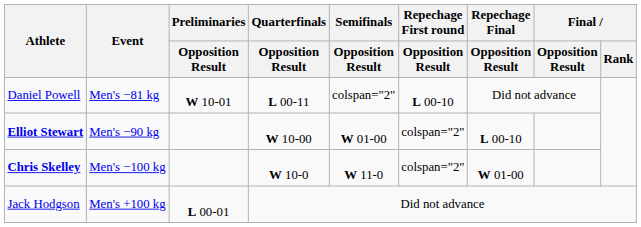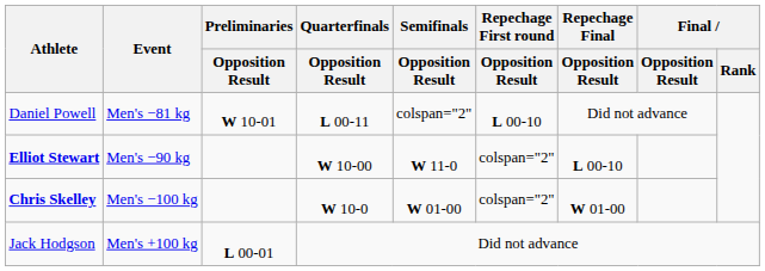 <table class="wikitable" style="font-size:90%">
 <tr>
 <th rowspan="2">Athlete</th>
 <th rowspan="2">Event</th>
 <th>Preliminaries</th>
 <th>Quarterfinals</th>
 <th>Semifinals</th>
 <th>Repechage<br>First round</th>
 <th>Repechage<br>Final</th>
 <th colspan="2">Final / </th>
 </tr>
 <tr>
 <th>Opposition<br>Result</th>
 <th>Opposition<br>Result</th>
 <th>Opposition<br>Result</th>
 <th>Opposition<br>Result</th>
 <th>Opposition<br>Result</th>
 <th>Opposition<br>Result</th>
 <th>Rank</th>
 </tr>
 <tr align=center>
 <td align=left><a href='#'>Daniel Powell</a></td>
 <td align=left><a href='#'>Men's −81 kg</a></td>
 <td><br> <strong>W</strong> 10-01</td>
 <td><br> <strong>L</strong> 00-11</td>
 <td>colspan="2" </td>
 <td><br> <strong>L</strong> 00-10</td>
 <td colspan=2>Did not advance</td>
 </tr>
 <tr align=center>
 <td align=left><strong><a href='#'>Elliot Stewart</a></strong></td>
 <td align=left><a href='#'>Men's −90 kg</a></td>
 <td></td>
 <td><br> <strong>W</strong> 10-00</td>
-<td><br> <strong>W</strong> 01-00</td>
+<td><br> <strong>W</strong> 11-0</td>
 <td>colspan="2" </td>
 <td><br> <strong>L</strong> 00-10</td>
 <td></td>
 </tr>
 <tr align=center>
 <td align=left><strong><a href='#'>Chris Skelley</a></strong></td>
 <td align=left><a href='#'>Men's −100 kg</a></td>
 <td></td>
 <td><br> <strong>W</strong> 10-0</td>
-<td><br> <strong>W</strong> 11-0</td>
+<td><br> <strong>W</strong> 01-00</td>
 <td>colspan="2" </td>
 <td><br> <strong>W</strong> 01-00</td>
 <td></td>
 </tr>
 <tr align=center>
 <td align=left><a href='#'>Jack Hodgson</a></td>
 <td align=left><a href='#'>Men's +100 kg</a></td>
 <td><br> <strong>L</strong> 00-01</td>
 <td colspan=6>Did not advance</td>
 </tr>
 </table>
